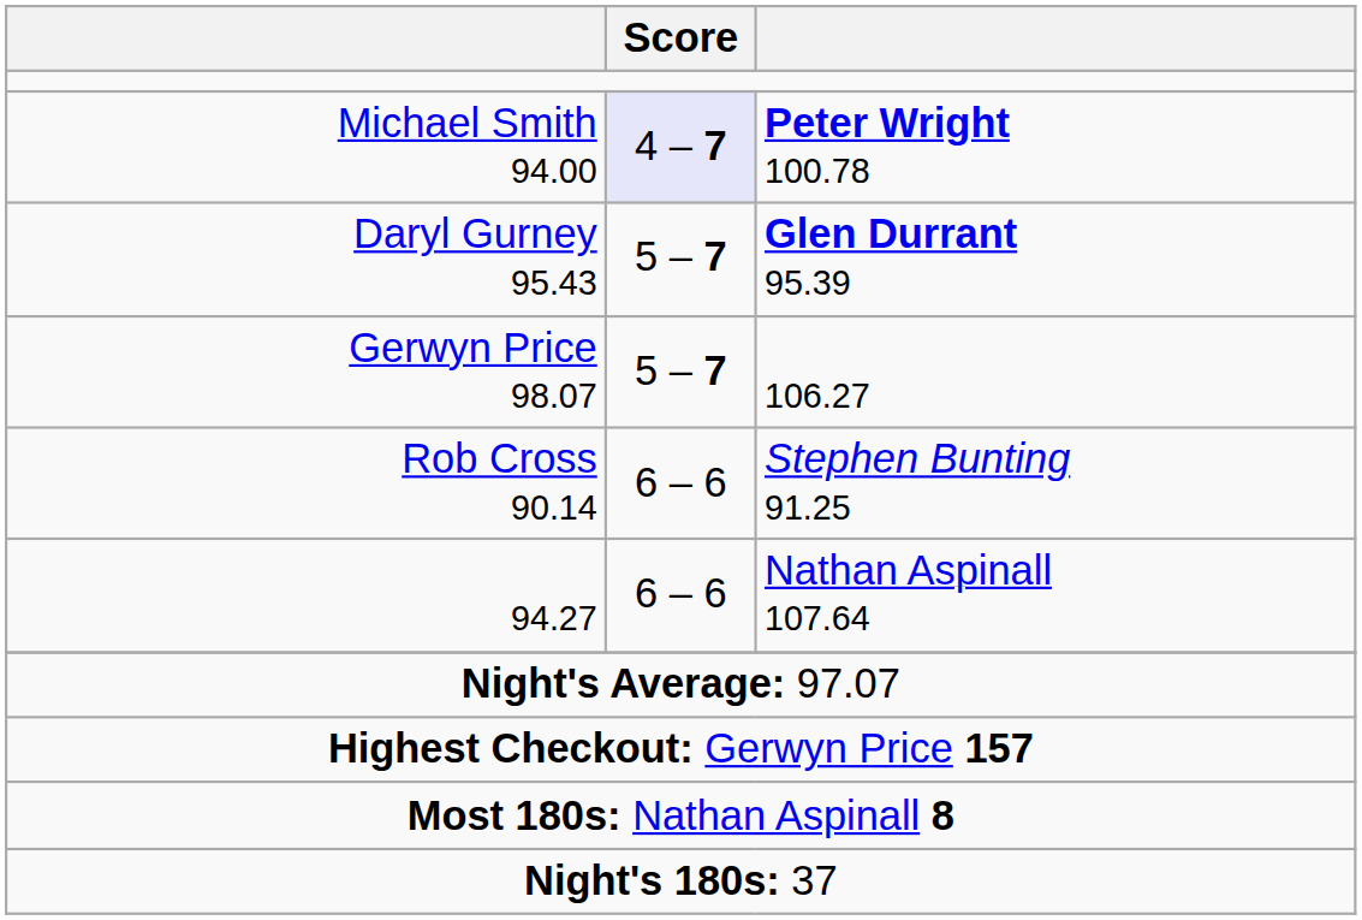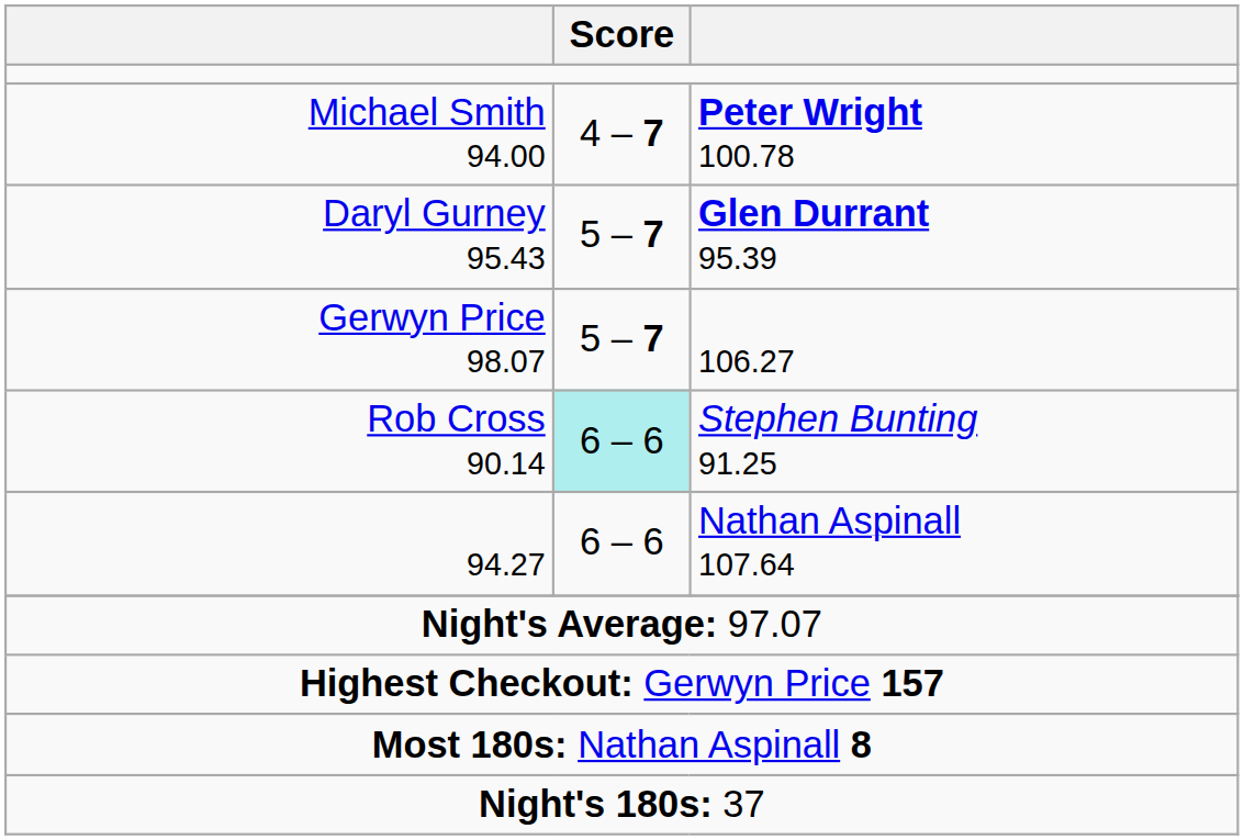 <table class=wikitable style="text-align:center">
 <tr>
 <th width=225></th>
 <th width=50>Score</th>
 <th width=225></th>
 </tr>
 <tr align=centre>
 <td colspan="3"></td>
 </tr>
 <tr align=left>
 <td align=right><a href='#'>Michael Smith</a>  <br> <small><span>94.00</span></small></td>
-<td align=center style="background: lavender;">4 – <strong>7</strong></td>
+<td align=center>4 – <strong>7</strong></td>
 <td> <strong><a href='#'>Peter Wright</a></strong> <br> <small><span>100.78</span></small></td>
 </tr>
 <tr align=left>
 <td align=right><a href='#'>Daryl Gurney</a>  <br> <small><span>95.43</span></small></td>
 <td align=center>5 – <strong>7</strong></td>
 <td> <strong><a href='#'>Glen Durrant</a></strong> <br> <small><span>95.39</span></small></td>
 </tr>
 <tr align=left>
 <td align=right><a href='#'>Gerwyn Price</a>  <br> <small><span>98.07</span></small></td>
 <td align=center>5 – <strong>7</strong></td>
 <td> <br> <small><span>106.27</span></small></td>
 </tr>
 <tr align=left>
 <td align=right><a href='#'>Rob Cross</a>  <br> <small><span>90.14</span></small></td>
-<td align=center>6 – 6</td>
+<td align=center style="background: paleturquoise;">6 – 6</td>
 <td> <em><a href='#'>Stephen Bunting</a></em> <br> <small><span>91.25</span></small></td>
 </tr>
 <tr align=left>
 <td align=right> <br> <small><span>94.27</span></small></td>
 <td align=center>6 – 6</td>
 <td> <a href='#'>Nathan Aspinall</a> <br> <small><span>107.64</span></small></td>
 </tr>
 <tr align=center>
 </tr>
 <tr align=center>
 <td colspan="3"><strong>Night's Average:</strong> 97.07</td>
 </tr>
 <tr align=center>
 <td colspan="3"><strong>Highest Checkout:</strong>  <a href='#'>Gerwyn Price</a> <strong>157</strong></td>
 </tr>
 <tr align=center>
 <td colspan="3"><strong>Most 180s:</strong>   <a href='#'>Nathan Aspinall</a> <strong>8</strong></td>
 </tr>
 <tr align=center>
 <td colspan="3"><strong>Night's 180s:</strong> 37</td>
 </tr>
 </table>
